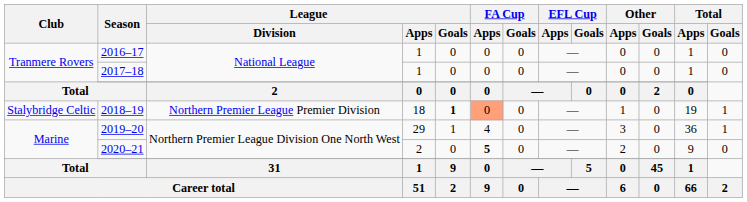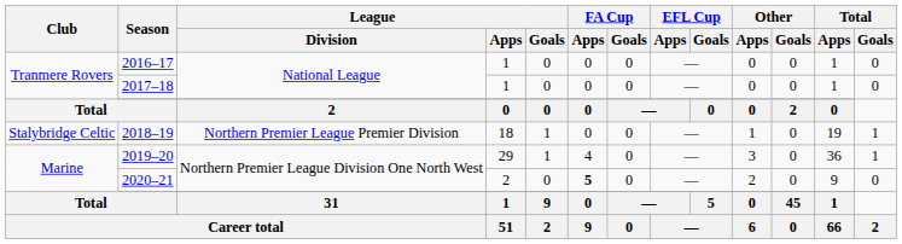 <table class="wikitable" style="text-align:center">
 <tr>
 <th rowspan="2">Club</th>
 <th rowspan="2">Season</th>
 <th colspan="3">League</th>
 <th colspan="2"><a href='#'>FA Cup</a></th>
 <th colspan="2"><a href='#'>EFL Cup</a></th>
 <th colspan="2">Other</th>
 <th colspan="2">Total</th>
 </tr>
 <tr>
 <th>Division</th>
 <th>Apps</th>
 <th>Goals</th>
 <th>Apps</th>
 <th>Goals</th>
 <th>Apps</th>
 <th>Goals</th>
 <th>Apps</th>
 <th>Goals</th>
 <th>Apps</th>
 <th>Goals</th>
 </tr>
 <tr>
 <td rowspan="3"><a href='#'>Tranmere Rovers</a></td>
 <td><a href='#'>2016–17</a></td>
 <td rowspan="2"><a href='#'>National League</a></td>
 <td>1</td>
 <td>0</td>
 <td>0</td>
 <td>0</td>
 <td colspan="2">—</td>
 <td>0</td>
 <td>0</td>
 <td>1</td>
 <td>0</td>
 </tr>
 <tr>
 <td><a href='#'>2017–18</a></td>
 <td>1</td>
 <td>0</td>
 <td>0</td>
 <td>0</td>
 <td colspan="2">—</td>
 <td>0</td>
 <td>0</td>
 <td>1</td>
 <td>0</td>
 </tr>
 <tr>
 </tr>
 <tr style="font-weight:bold; background:#f3f3f3">
 <td colspan="2">Total</td>
 <th>2</th>
 <th>0</th>
 <th>0</th>
 <th>0</th>
 <th colspan="2">—</th>
 <th>0</th>
 <th>0</th>
 <th>2</th>
 <th>0</th>
 </tr>
 <tr>
 <td><a href='#'>Stalybridge Celtic</a></td>
 <td><a href='#'>2018–19</a></td>
 <td><a href='#'>Northern Premier League</a> Premier Division</td>
 <td>18</td>
-<td><strong>1</strong></td>
-<td style="background: lightsalmon;">0</td>
+<td>1</td>
+<td>0</td>
 <td>0</td>
 <td colspan="2">—</td>
 <td>1</td>
 <td>0</td>
 <td>19</td>
 <td>1</td>
 </tr>
 <tr>
 <td rowspan="3"><a href='#'>Marine</a></td>
 <td><a href='#'>2019–20</a></td>
 <td rowspan="2">Northern Premier League Division One North West</td>
 <td>29</td>
 <td>1</td>
 <td>4</td>
 <td>0</td>
 <td colspan="2">—</td>
 <td>3</td>
 <td>0</td>
 <td>36</td>
 <td>1</td>
 </tr>
 <tr>
 <td><a href='#'>2020–21</a></td>
 <td>2</td>
 <td>0</td>
 <td><strong>5</strong></td>
 <td>0</td>
 <td colspan="2">—</td>
 <td>2</td>
 <td>0</td>
 <td>9</td>
 <td>0</td>
 </tr>
 <tr>
 </tr>
 <tr style="font-weight:bold; background:#f3f3f3">
 <td colspan="2">Total</td>
 <th>31</th>
 <th>1</th>
 <th>9</th>
 <th>0</th>
 <th colspan="2">—</th>
 <th>5</th>
 <th>0</th>
 <th>45</th>
 <th>1</th>
 </tr>
 <tr>
 <th colspan="3">Career total</th>
 <th>51</th>
 <th>2</th>
 <th>9</th>
 <th>0</th>
 <th colspan="2">—</th>
 <th>6</th>
 <th>0</th>
 <th>66</th>
 <th>2</th>
 </tr>
 </table>
